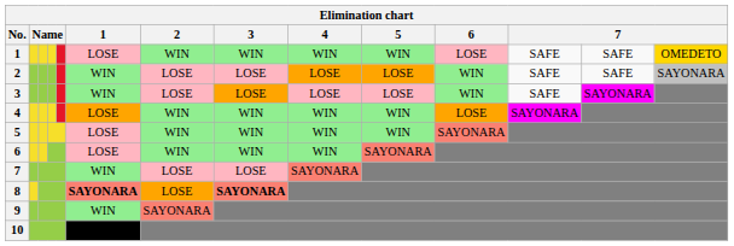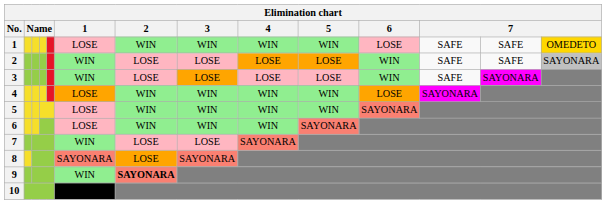 <table class="wikitable" style="text-align:center;">
 <tr>
 <th colspan="14">Elimination chart</th>
 </tr>
 <tr>
 <th>No.</th>
 <th colspan=4>Name</th>
 <th>1</th>
 <th>2</th>
 <th>3</th>
 <th>4</th>
 <th>5</th>
 <th>6</th>
 <th colspan=3>7</th>
 </tr>
 <tr>
 <th>1</th>
 <td style="background:#f6df2a;"></td>
 <td style="background:#f6df2a;"></td>
 <td style="background:#f6df2a;"></td>
 <td style="background:#e61427"></td>
 <td style="background:lightpink;">LOSE</td>
 <td style="background:lightgreen;">WIN</td>
 <td style="background:lightgreen;">WIN</td>
 <td style="background:lightgreen;">WIN</td>
 <td style="background:lightgreen;">WIN</td>
 <td style="background:lightpink;">LOSE</td>
 <td>SAFE</td>
 <td>SAFE</td>
 <td style="background:gold;">OMEDETO</td>
 </tr>
 <tr>
 <th>2</th>
 <td style="background:#95ce48;"></td>
 <td style="background:#95ce48;"></td>
 <td style="background:#95ce48;"></td>
 <td style="background:#e61427"></td>
 <td style="background:lightgreen;">WIN</td>
 <td style="background:lightpink;">LOSE</td>
 <td style="background:lightpink;">LOSE</td>
 <td style="background:orange;">LOSE</td>
 <td style="background:orange;">LOSE</td>
 <td style="background:lightgreen;">WIN</td>
 <td>SAFE</td>
 <td>SAFE</td>
 <td style="background:silver;">SAYONARA</td>
 </tr>
 <tr>
 <th>3</th>
 <td style="background:#95ce48;"></td>
 <td style="background:#95ce48;"></td>
 <td style="background:#95ce48;"></td>
 <td style="background:#e61427"></td>
 <td style="background:lightgreen;">WIN</td>
 <td style="background:lightpink;">LOSE</td>
 <td style="background:orange;">LOSE</td>
 <td style="background:lightpink;">LOSE</td>
 <td style="background:lightpink;">LOSE</td>
 <td style="background:lightgreen;">WIN</td>
 <td>SAFE</td>
 <td style="background:magenta;">SAYONARA</td>
 <td colspan="1" style="background:gray;"></td>
 </tr>
 <tr>
 <th>4</th>
 <td style="background:#f6df2a;"></td>
 <td style="background:#f6df2a;"></td>
 <td style="background:#f6df2a;"></td>
 <td style="background:#e61427"></td>
 <td style="background:orange;">LOSE</td>
 <td style="background:lightgreen;">WIN</td>
 <td style="background:lightgreen;">WIN</td>
 <td style="background:lightgreen;">WIN</td>
 <td style="background:lightgreen;">WIN</td>
 <td style="background:orange;">LOSE</td>
 <td style="background:magenta;">SAYONARA</td>
 <td colspan="2" style="background:gray;"></td>
 </tr>
 <tr>
 <th>5</th>
 <td style="background:#f6df2a;"></td>
 <td style="background:#f6df2a;"></td>
 <td colspan=2 style="background:#f6df2a;"></td>
 <td style="background:lightpink;">LOSE</td>
 <td style="background:lightgreen;">WIN</td>
 <td style="background:lightgreen;">WIN</td>
 <td style="background:lightgreen;">WIN</td>
 <td style="background:lightgreen;">WIN</td>
 <td style="background:salmon;">SAYONARA</td>
 <td colspan="3" style="background:gray;"></td>
 </tr>
 <tr>
 <th>6</th>
 <td style="background:#f6df2a;"></td>
 <td style="background:#f6df2a;"></td>
 <td colspan=2 style="background:#95ce48;"></td>
 <td style="background:lightpink;">LOSE</td>
 <td style="background:lightgreen;">WIN</td>
 <td style="background:lightgreen;">WIN</td>
 <td style="background:lightgreen;">WIN</td>
 <td style="background:salmon;">SAYONARA</td>
 <td colspan="4" style="background:gray;"></td>
 </tr>
 <tr>
 <th>7</th>
 <td style="background:#95ce48;"></td>
 <td colspan=3 style="background:#95ce48;"></td>
 <td style="background:lightgreen;">WIN</td>
 <td style="background:lightpink;">LOSE</td>
 <td style="background:lightpink;">LOSE</td>
 <td style="background:salmon;">SAYONARA</td>
 <td colspan="5" style="background:gray;"></td>
 </tr>
 <tr>
 <th>8</th>
 <td style="background:#f6df2a;"></td>
 <td colspan=3 style="background:#95ce48;"></td>
-<td style="background:salmon;"><strong>SAYONARA</strong></td>
+<td style="background:salmon;">SAYONARA</td>
 <td style="background:orange;">LOSE</td>
-<td style="background:salmon;"><strong>SAYONARA</strong></td>
+<td style="background:salmon;">SAYONARA</td>
 <td colspan="6" style="background:gray;"></td>
 </tr>
 <tr>
 <th>9</th>
 <td style="background:#95ce48;"></td>
 <td colspan=3 style="background:#95ce48;"></td>
 <td style="background:lightgreen;">WIN</td>
-<td style="background:salmon;">SAYONARA</td>
+<td style="background:salmon;"><strong>SAYONARA</strong></td>
 <td colspan="7" style="background:gray;"></td>
 </tr>
 <tr>
 <th>10</th>
 <td colspan=4 style="background:#95ce48;"></td>
 <td style="background:black;"><strong><span>QUIT</span></strong></td>
 <td colspan="8" style="background:gray;"></td>
 </tr>
 </table>
